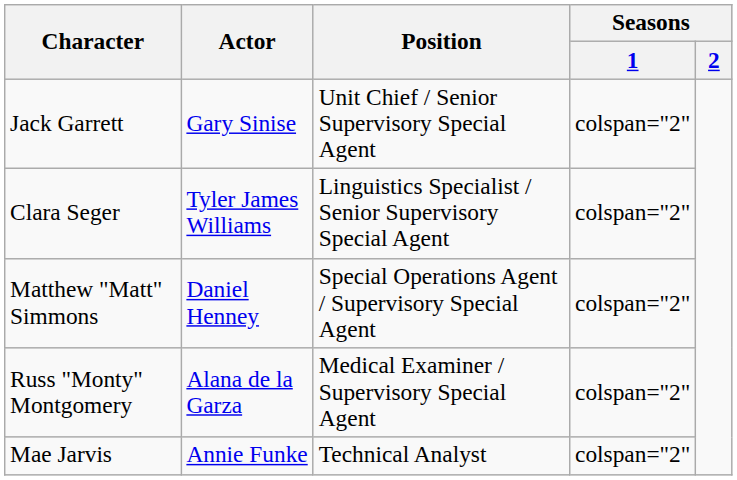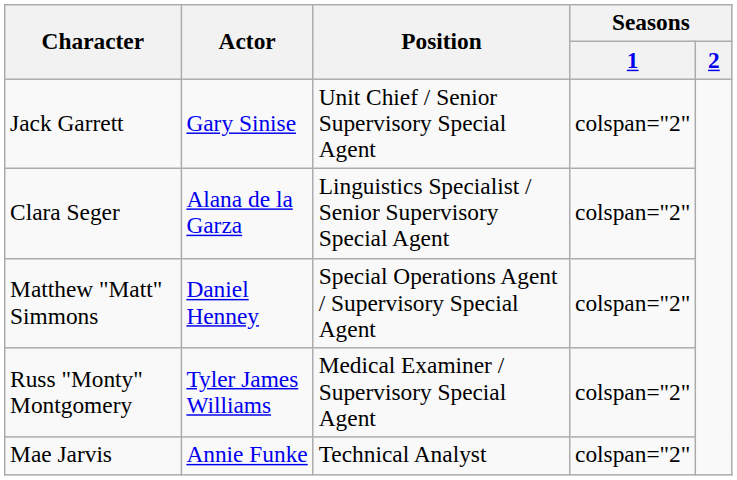 <table class="wikitable sortable" width="80%">
 <tr>
 <th rowspan="2">Character</th>
 <th ! rowspan="2">Actor</th>
 <th ! rowspan="2">Position</th>
 <th ! colspan="2">Seasons</th>
 </tr>
 <tr>
 <th width="5%"><a href='#'>1</a></th>
 <th width="5%"><a href='#'>2</a></th>
 </tr>
 <tr>
 <td>Jack Garrett</td>
 <td><a href='#'>Gary Sinise</a></td>
 <td>Unit Chief / Senior Supervisory Special Agent</td>
 <td>colspan="2" </td>
 </tr>
 <tr>
 <td>Clara Seger</td>
-<td><a href='#'>Tyler James Williams</a></td>
+<td><a href='#'>Alana de la Garza</a></td>
 <td>Linguistics Specialist / Senior Supervisory Special Agent</td>
 <td>colspan="2" </td>
 </tr>
 <tr>
 <td>Matthew "Matt" Simmons</td>
 <td><a href='#'>Daniel Henney</a></td>
 <td>Special Operations Agent / Supervisory Special Agent</td>
 <td>colspan="2" </td>
 </tr>
 <tr>
 <td>Russ "Monty" Montgomery</td>
-<td><a href='#'>Alana de la Garza</a></td>
+<td><a href='#'>Tyler James Williams</a></td>
 <td>Medical Examiner / Supervisory Special Agent</td>
 <td>colspan="2" </td>
 </tr>
 <tr>
 <td>Mae Jarvis</td>
 <td><a href='#'>Annie Funke</a></td>
 <td>Technical Analyst</td>
 <td>colspan="2" </td>
 </tr>
 </table>
